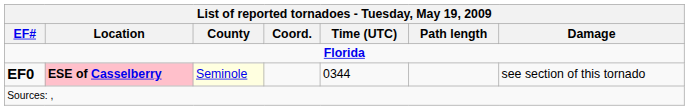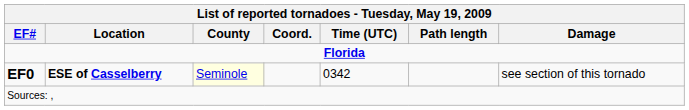 <table class="wikitable collapsible" width="100%">
 <tr>
 <th colspan="7">List of reported tornadoes - Tuesday, May 19, 2009</th>
 </tr>
 <tr>
 <th><a href='#'>EF#</a></th>
 <th>Location</th>
 <th>County</th>
 <th>Coord.</th>
 <th>Time (UTC)</th>
 <th>Path length</th>
 <th>Damage</th>
 </tr>
 <tr>
 <td colspan="7" align=center><strong><a href='#'>Florida</a></strong></td>
 </tr>
 <tr>
 <td><big><strong>EF0</strong></big></td>
-<td style="background: pink;"><strong>ESE of <a href='#'>Casselberry</a></strong></td>
+<td><strong>ESE of <a href='#'>Casselberry</a></strong></td>
 <td style="background: lightyellow;"><a href='#'>Seminole</a></td>
 <td></td>
-<td>0344</td>
+<td>0342</td>
 <td></td>
 <td>see section of this tornado</td>
 </tr>
 <tr>
 <td colspan="7"><small>Sources: , </small></td>
 </tr>
 </table>
